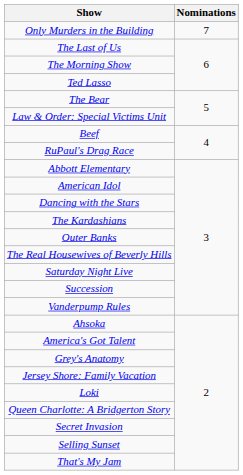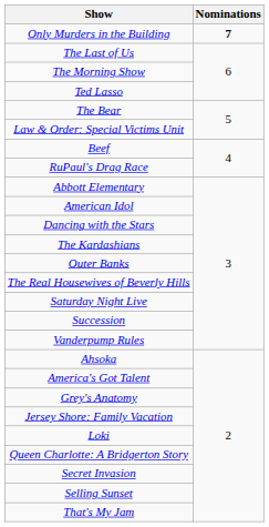 <table class="wikitable">
 <tr>
 <th>Show</th>
 <th>Nominations</th>
 </tr>
 <tr style="text-align:center">
 <td><em><a href='#'>Only Murders in the Building</a></em></td>
-<td>7</td>
+<td><strong>7</strong></td>
 </tr>
 <tr style="text-align:center">
 <td><em><a href='#'>The Last of Us</a></em></td>
 <td rowspan="3">6</td>
 </tr>
 <tr style="text-align:center">
 <td><em><a href='#'>The Morning Show</a></em></td>
 </tr>
 <tr style="text-align:center">
 <td><em><a href='#'>Ted Lasso</a></em></td>
 </tr>
 <tr style="text-align:center">
 <td><em><a href='#'>The Bear</a></em></td>
 <td rowspan="2">5</td>
 </tr>
 <tr style="text-align:center">
 <td><em><a href='#'>Law & Order: Special Victims Unit</a></em></td>
 </tr>
 <tr style="text-align:center">
 <td><em><a href='#'>Beef</a></em></td>
 <td rowspan="2">4</td>
 </tr>
 <tr style="text-align:center">
 <td><em><a href='#'>RuPaul's Drag Race</a></em></td>
 </tr>
 <tr style="text-align:center">
 <td><em><a href='#'>Abbott Elementary</a></em></td>
 <td rowspan="9">3</td>
 </tr>
 <tr style="text-align:center">
 <td><em><a href='#'>American Idol</a></em></td>
 </tr>
 <tr style="text-align:center">
 <td><em><a href='#'>Dancing with the Stars</a></em></td>
 </tr>
 <tr style="text-align:center">
 <td><em><a href='#'>The Kardashians</a></em></td>
 </tr>
 <tr style="text-align:center">
 <td><em><a href='#'>Outer Banks</a></em></td>
 </tr>
 <tr style="text-align:center">
 <td><em><a href='#'>The Real Housewives of Beverly Hills</a></em></td>
 </tr>
 <tr style="text-align:center">
 <td><em><a href='#'>Saturday Night Live</a></em></td>
 </tr>
 <tr style="text-align:center">
 <td><em><a href='#'>Succession</a></em></td>
 </tr>
 <tr style="text-align:center">
 <td><em><a href='#'>Vanderpump Rules</a></em></td>
 </tr>
 <tr style="text-align:center">
 <td><em><a href='#'>Ahsoka</a></em></td>
 <td rowspan="10">2</td>
 </tr>
 <tr style="text-align:center">
 <td><em><a href='#'>America's Got Talent</a></em></td>
 </tr>
 <tr style="text-align:center">
 <td><em><a href='#'>Grey's Anatomy</a></em></td>
 </tr>
 <tr style="text-align:center">
 <td><em><a href='#'>Jersey Shore: Family Vacation</a></em></td>
 </tr>
 <tr style="text-align:center">
 <td><em><a href='#'>Loki</a></em></td>
 </tr>
 <tr style="text-align:center">
 <td><em><a href='#'>Queen Charlotte: A Bridgerton Story</a></em></td>
 </tr>
 <tr style="text-align:center">
 <td><em><a href='#'>Secret Invasion</a></em></td>
 </tr>
 <tr style="text-align:center">
 <td><em><a href='#'>Selling Sunset</a></em></td>
 </tr>
 <tr style="text-align:center">
 <td><em><a href='#'>That's My Jam</a></em></td>
 </tr>
 </table>
